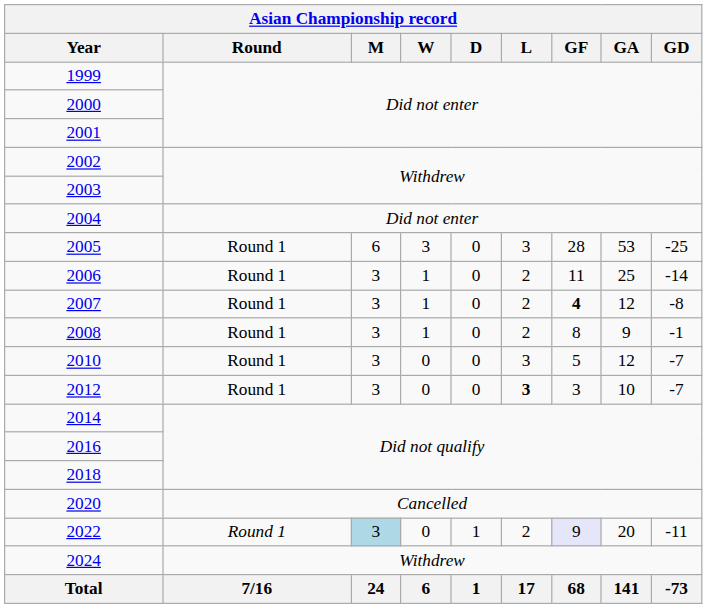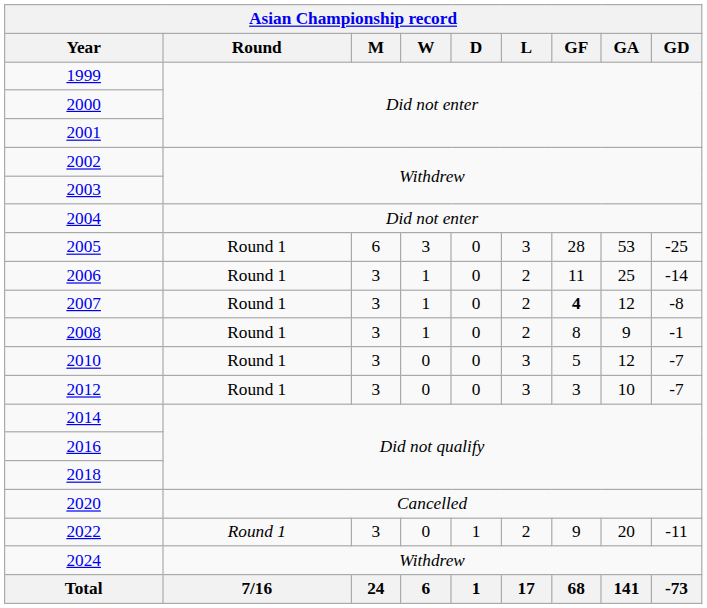 <table class="wikitable" style="text-align: center;font-size:90%;">
 <tr>
 <th colspan=10><a href='#'>Asian Championship record</a></th>
 </tr>
 <tr>
 <th width=125>Year</th>
 <th width=150>Round</th>
 <th width=35>M</th>
 <th width=35>W</th>
 <th width=35>D</th>
 <th width=35>L</th>
 <th width=35>GF</th>
 <th width=35>GA</th>
 <th width=35>GD</th>
 </tr>
 <tr>
 <td>  <a href='#'>1999</a></td>
 <td rowspan=3 colspan=8><em>Did not enter</em></td>
 </tr>
 <tr>
 <td> <a href='#'>2000</a></td>
 </tr>
 <tr>
 <td> <a href='#'>2001</a></td>
 </tr>
 <tr>
 <td> <a href='#'>2002</a></td>
 <td rowspan=2 colspan=8><em>Withdrew</em></td>
 </tr>
 <tr bgcolor=>
 <td> <a href='#'>2003</a></td>
 </tr>
 <tr bgcolor=>
 <td> <a href='#'>2004</a></td>
 <td rowspan=1 colspan=8><em>Did not enter</em></td>
 </tr>
 <tr bgcolor=>
 <td> <a href='#'>2005</a></td>
 <td>Round 1</td>
 <td>6</td>
 <td>3</td>
 <td>0</td>
 <td>3</td>
 <td>28</td>
 <td>53</td>
 <td>-25</td>
 </tr>
 <tr bgcolor=>
 <td> <a href='#'>2006</a></td>
 <td>Round 1</td>
 <td>3</td>
 <td>1</td>
 <td>0</td>
 <td>2</td>
 <td>11</td>
 <td>25</td>
 <td>-14</td>
 </tr>
 <tr bgcolor=>
 <td> <a href='#'>2007</a></td>
 <td>Round 1</td>
 <td>3</td>
 <td>1</td>
 <td>0</td>
 <td>2</td>
 <td><strong>4</strong></td>
 <td>12</td>
 <td>-8</td>
 </tr>
 <tr bgcolor=>
 <td> <a href='#'>2008</a></td>
 <td>Round 1</td>
 <td>3</td>
 <td>1</td>
 <td>0</td>
 <td>2</td>
 <td>8</td>
 <td>9</td>
 <td>-1</td>
 </tr>
 <tr bgcolor=>
 <td> <a href='#'>2010</a></td>
 <td>Round 1</td>
 <td>3</td>
 <td>0</td>
 <td>0</td>
 <td>3</td>
 <td>5</td>
 <td>12</td>
 <td>-7</td>
 </tr>
 <tr bgcolor=>
 <td> <a href='#'>2012</a></td>
 <td>Round 1</td>
 <td>3</td>
 <td>0</td>
 <td>0</td>
-<td><strong>3</strong></td>
+<td>3</td>
 <td>3</td>
 <td>10</td>
 <td>-7</td>
 </tr>
 <tr bgcolor=>
 <td> <a href='#'>2014</a></td>
 <td rowspan=3 colspan=8><em>Did not qualify</em></td>
 </tr>
 <tr bgcolor=>
 <td> <a href='#'>2016</a></td>
 </tr>
 <tr bgcolor=>
 <td> <a href='#'>2018</a></td>
 </tr>
 <tr bgcolor=>
 <td> <a href='#'>2020</a></td>
 <td rowspan=1 colspan=8><em>Cancelled</em></td>
 </tr>
 <tr>
 <td> <a href='#'>2022</a></td>
 <td><em>Round 1</em></td>
-<td style="background: lightblue;">3</td>
+<td>3</td>
 <td>0</td>
 <td>1</td>
 <td>2</td>
-<td style="background: lavender;">9</td>
+<td>9</td>
 <td>20</td>
 <td>-11</td>
 </tr>
 <tr>
 <td> <a href='#'>2024</a></td>
 <td rowspan=1 colspan=9><em>Withdrew</em></td>
 </tr>
 <tr>
 <th><strong>Total</strong></th>
 <th>7/16</th>
 <th>24</th>
 <th>6</th>
 <th>1</th>
 <th>17</th>
 <th>68</th>
 <th>141</th>
 <th>-73</th>
 </tr>
 </table>
